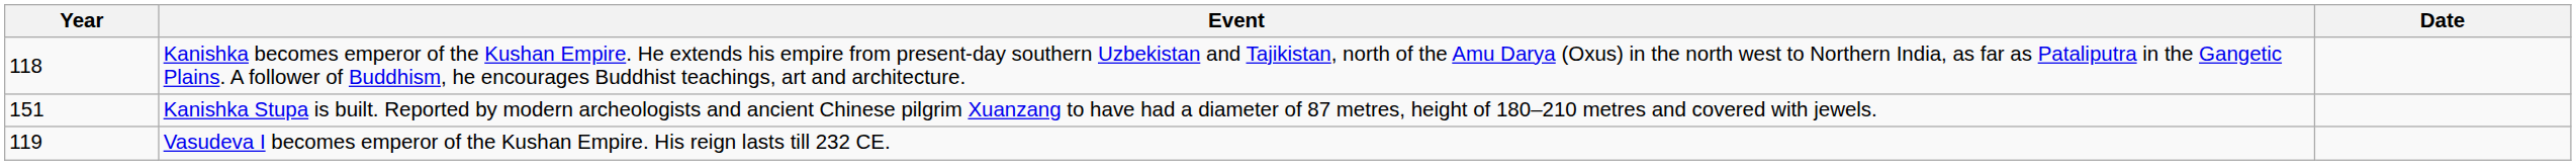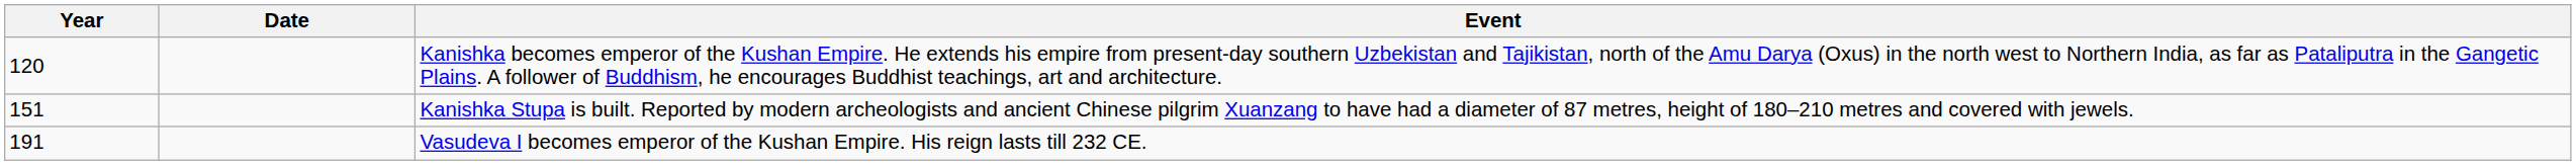 <table class="wikitable" width="100%">
 <tr>
 <th style="width:6%">Year</th>
+<th style="width:10%">Date</th>
 <th>Event</th>
-<th style="width:10%">Date</th>
 </tr>
 <tr>
-<td>118</td>
+<td>120</td>
+<td></td>
 <td><a href='#'>Kanishka</a> becomes emperor of the <a href='#'>Kushan Empire</a>. He extends his empire from present-day southern <a href='#'>Uzbekistan</a> and <a href='#'>Tajikistan</a>, north of the <a href='#'>Amu Darya</a> (Oxus) in the north west to Northern India, as far as <a href='#'>Pataliputra</a> in the <a href='#'>Gangetic Plains</a>. A follower of <a href='#'>Buddhism</a>, he encourages Buddhist teachings, art and architecture.</td>
-<td></td>
 </tr>
 <tr>
 <td>151</td>
+<td></td>
 <td><a href='#'>Kanishka Stupa</a> is built. Reported by modern archeologists and ancient Chinese pilgrim <a href='#'>Xuanzang</a> to have had a diameter of 87 metres, height of 180–210 metres and covered with jewels.</td>
-<td></td>
 </tr>
 <tr>
-<td>119</td>
+<td>191</td>
+<td></td>
 <td><a href='#'>Vasudeva I</a> becomes emperor of the Kushan Empire. His reign lasts till 232 CE.</td>
-<td></td>
 </tr>
 </table>
